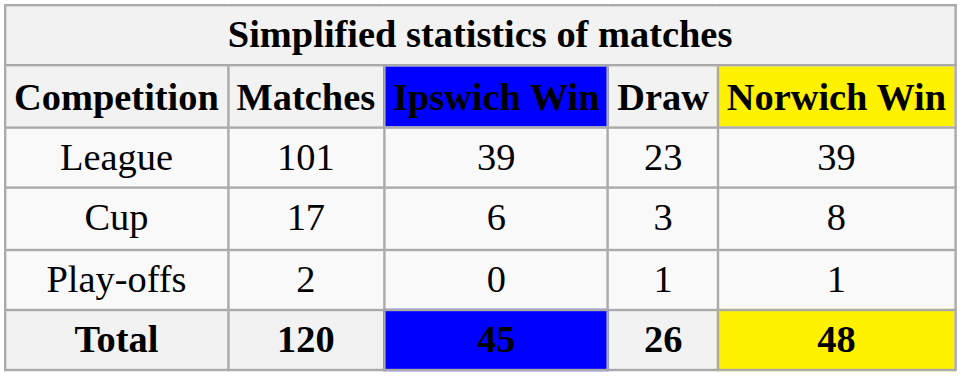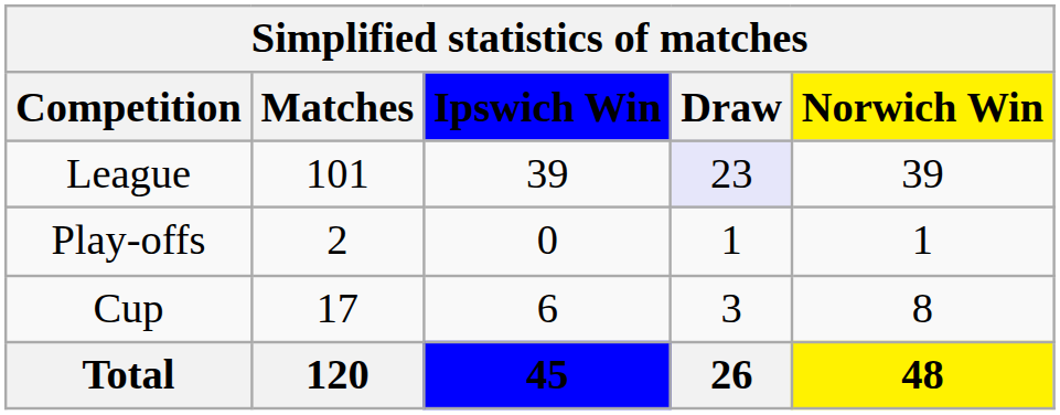 <table class="wikitable" style="text-align: center">
 <tr>
 <th colspan=5>Simplified statistics of matches</th>
 </tr>
 <tr>
 <th>Competition</th>
 <th>Matches</th>
 <th style="background:blue"><span><strong>Ipswich Win</strong></span></th>
 <th>Draw</th>
 <th style="background:#fff200"><span><strong>Norwich Win</strong></span></th>
 </tr>
 <tr>
 <td>League</td>
 <td>101</td>
 <td>39</td>
-<td>23</td>
+<td style="background: lavender;">23</td>
 <td>39</td>
+</tr>
+<tr>
+<td>Play-offs</td>
+<td>2</td>
+<td>0</td>
+<td>1</td>
+<td>1</td>
 </tr>
 <tr>
 <td>Cup</td>
 <td>17</td>
 <td>6</td>
 <td>3</td>
 <td>8</td>
 </tr>
 <tr>
-<td>Play-offs</td>
-<td>2</td>
-<td>0</td>
-<td>1</td>
-<td>1</td>
-</tr>
-<tr>
 <th>Total</th>
 <th>120</th>
 <th style="background:blue"><span><strong>45</strong></span></th>
 <th>26</th>
 <th style="background:#fff200"><span><strong>48</strong></span></th>
 </tr>
 </table>
